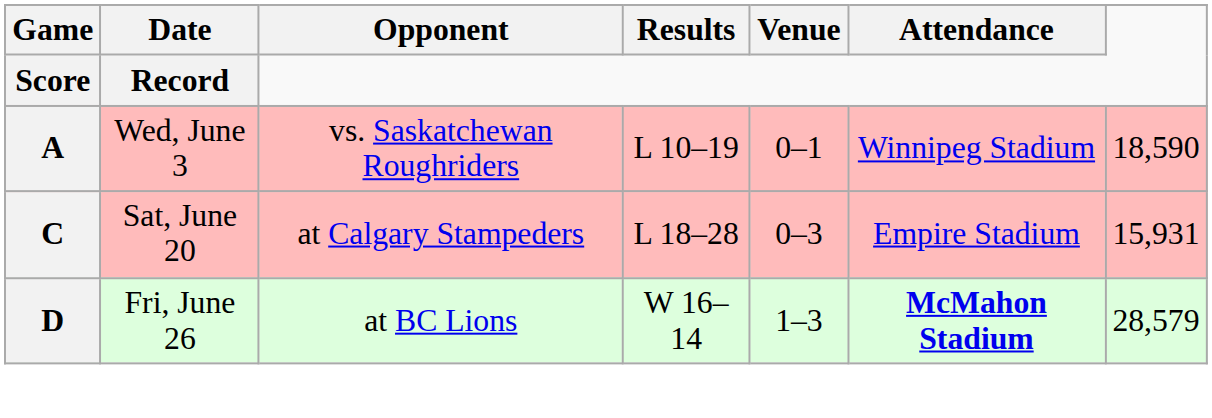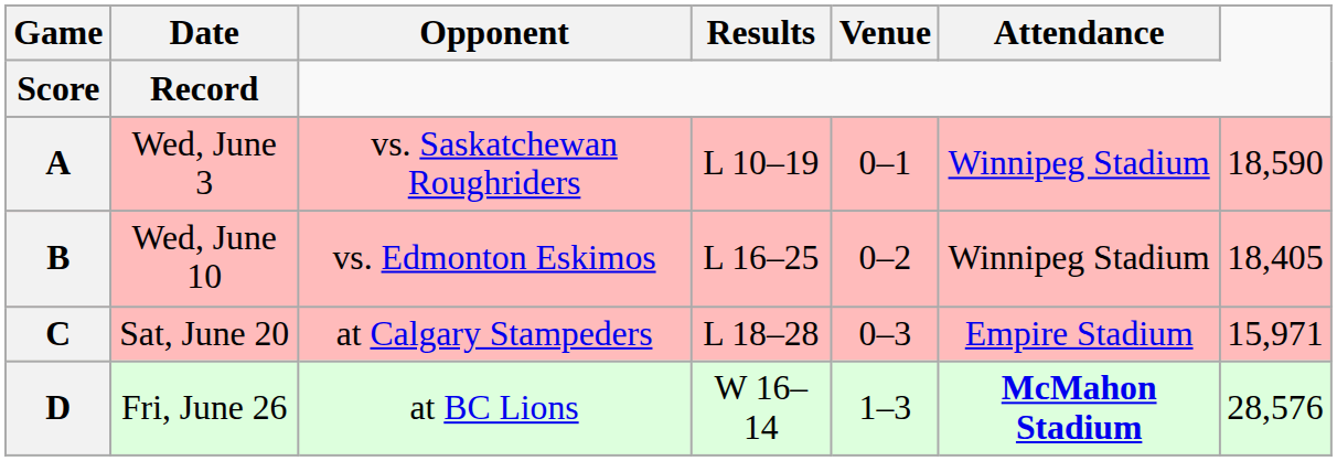 <table class="wikitable" style="text-align:center">
 <tr>
 <th>Game</th>
 <th>Date</th>
 <th>Opponent</th>
 <th>Results</th>
 <th>Venue</th>
 <th>Attendance</th>
 </tr>
 <tr>
 <th>Score</th>
 <th>Record</th>
 </tr>
 <tr style="background:#ffbbbb">
 <th>A</th>
 <td>Wed, June 3</td>
 <td>vs. <a href='#'>Saskatchewan Roughriders</a></td>
 <td>L 10–19</td>
 <td>0–1</td>
 <td><a href='#'>Winnipeg Stadium</a></td>
 <td>18,590</td>
 </tr>
 <tr style="background:#ffbbbb">
+<th>B</th>
+<td>Wed, June 10</td>
+<td>vs. <a href='#'>Edmonton Eskimos</a></td>
+<td>L 16–25</td>
+<td>0–2</td>
+<td>Winnipeg Stadium</td>
+<td>18,405</td>
+</tr>
+<tr style="background:#ffbbbb">
 <th>C</th>
 <td>Sat, June 20</td>
 <td>at <a href='#'>Calgary Stampeders</a></td>
 <td>L 18–28</td>
 <td>0–3</td>
 <td><a href='#'>Empire Stadium</a></td>
-<td>15,931</td>
+<td>15,971</td>
 </tr>
 <tr style="background:#ddffdd">
 <th>D</th>
 <td>Fri, June 26</td>
 <td>at <a href='#'>BC Lions</a></td>
 <td>W 16–14</td>
 <td>1–3</td>
 <td><strong><a href='#'>McMahon Stadium</a></strong></td>
-<td>28,579</td>
+<td>28,576</td>
 </tr>
 </table>
